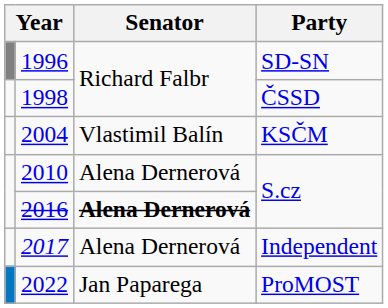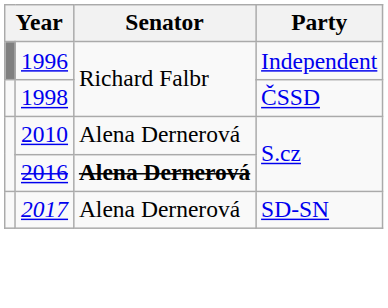 <table class="wikitable">
 <tr>
 <th colspan="2">Year</th>
 <th>Senator</th>
 <th>Party</th>
 </tr>
 <tr>
 <td style="background-color:gray;"></td>
 <td><a href='#'>1996</a></td>
 <td rowspan="2">Richard Falbr</td>
-<td><a href='#'>SD-SN</a></td>
+<td><a href='#'>Independent</a></td>
 </tr>
 <tr>
 <td style="background-color:"></td>
 <td><a href='#'>1998</a></td>
 <td><a href='#'>ČSSD</a></td>
-</tr>
-<tr>
-<td style="background-color:"></td>
-<td><a href='#'>2004</a></td>
-<td>Vlastimil Balín</td>
-<td><a href='#'>KSČM</a></td>
 </tr>
 <tr>
 <td rowspan="2" style="background-color:"></td>
 <td><a href='#'>2010</a></td>
 <td>Alena Dernerová</td>
 <td rowspan="2"><a href='#'>S.cz</a></td>
 </tr>
 <tr>
 <td><a href='#'><s>2016</s></a></td>
 <td><strong><s>Alena Dernerová</s></strong></td>
 </tr>
 <tr>
 <td style="background-color:"></td>
 <td><a href='#'><em>2017</em></a></td>
 <td>Alena Dernerová</td>
-<td><a href='#'>Independent</a></td>
-</tr>
-<tr>
-<td style="background-color:#0077C3;"></td>
-<td><a href='#'>2022</a></td>
-<td>Jan Paparega</td>
-<td><a href='#'>ProMOST</a></td>
+<td><a href='#'>SD-SN</a></td>
 </tr>
 </table>
